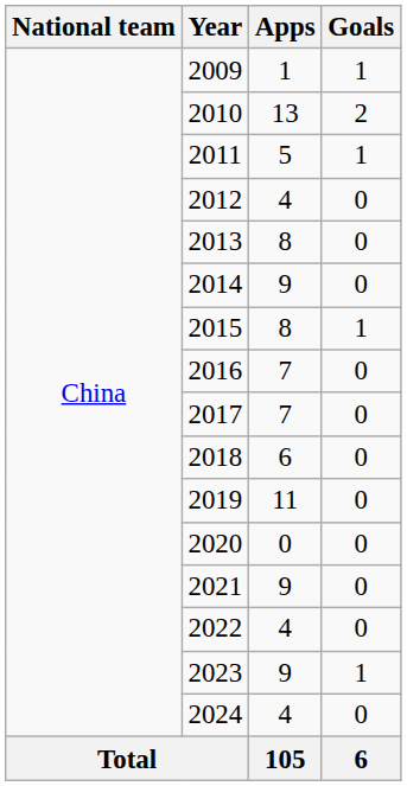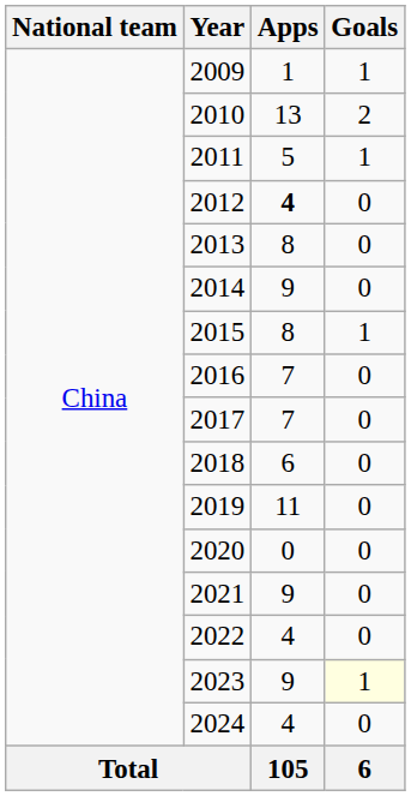 <table class="wikitable" style="text-align:center">
 <tr>
 <th>National team</th>
 <th>Year</th>
 <th>Apps</th>
 <th>Goals</th>
 </tr>
 <tr>
 <td rowspan="16"><a href='#'>China</a></td>
 <td>2009</td>
 <td>1</td>
 <td>1</td>
 </tr>
 <tr>
 <td>2010</td>
 <td>13</td>
 <td>2</td>
 </tr>
 <tr>
 <td>2011</td>
 <td>5</td>
 <td>1</td>
 </tr>
 <tr>
 <td>2012</td>
-<td>4</td>
+<td><strong>4</strong></td>
 <td>0</td>
 </tr>
 <tr>
 <td>2013</td>
 <td>8</td>
 <td>0</td>
 </tr>
 <tr>
 <td>2014</td>
 <td>9</td>
 <td>0</td>
 </tr>
 <tr>
 <td>2015</td>
 <td>8</td>
 <td>1</td>
 </tr>
 <tr>
 <td>2016</td>
 <td>7</td>
 <td>0</td>
 </tr>
 <tr>
 <td>2017</td>
 <td>7</td>
 <td>0</td>
 </tr>
 <tr>
 <td>2018</td>
 <td>6</td>
 <td>0</td>
 </tr>
 <tr>
 <td>2019</td>
 <td>11</td>
 <td>0</td>
 </tr>
 <tr>
 <td>2020</td>
 <td>0</td>
 <td>0</td>
 </tr>
 <tr>
 <td>2021</td>
 <td>9</td>
 <td>0</td>
 </tr>
 <tr>
 <td>2022</td>
 <td>4</td>
 <td>0</td>
 </tr>
 <tr>
 <td>2023</td>
 <td>9</td>
-<td>1</td>
+<td style="background: lightyellow;">1</td>
 </tr>
 <tr>
 <td>2024</td>
 <td>4</td>
 <td>0</td>
 </tr>
 <tr>
 <th colspan="2">Total</th>
 <th>105</th>
 <th>6</th>
 </tr>
 </table>
